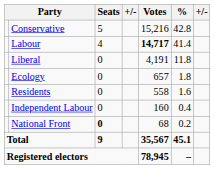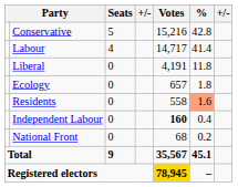 <table class="wikitable sortable">
 <tr>
 <th colspan="2">Party</th>
 <th>Seats</th>
 <th>+/-</th>
 <th>Votes</th>
 <th>%</th>
 <th>+/-</th>
 </tr>
 <tr>
 <td style="background-color: "></td>
 <td><a href='#'>Conservative</a></td>
 <td>5</td>
 <td></td>
 <td style="text-align:right;">15,216</td>
 <td style="text-align:right;">42.8</td>
 <td style="text-align:right;"></td>
 </tr>
 <tr>
 <td style="background-color: "></td>
 <td><a href='#'>Labour</a></td>
 <td>4</td>
 <td></td>
-<td style="text-align:right;"><strong>14,717</strong></td>
+<td style="text-align:right;">14,717</td>
 <td style="text-align:right;">41.4</td>
 <td style="text-align:right;"></td>
 </tr>
 <tr>
 <td style="background-color: "></td>
 <td><a href='#'>Liberal</a></td>
 <td>0</td>
 <td></td>
 <td style="text-align:right;">4,191</td>
 <td style="text-align:right;">11.8</td>
 <td style="text-align:right;"></td>
 </tr>
 <tr>
 <td style="background-color: "></td>
 <td><a href='#'>Ecology</a></td>
 <td>0</td>
 <td></td>
 <td style="text-align:right;">657</td>
 <td style="text-align:right;">1.8</td>
 <td style="text-align:right;"></td>
 </tr>
 <tr>
 <td style="background-color: "></td>
 <td><a href='#'>Residents</a></td>
 <td>0</td>
 <td></td>
 <td style="text-align:right;">558</td>
-<td style="text-align:right;">1.6</td>
+<td style="background: lightsalmon; text-align:right;">1.6</td>
 <td style="text-align:right;"></td>
 </tr>
 <tr>
 <td style="background-color: "></td>
 <td><a href='#'>Independent Labour</a></td>
 <td>0</td>
 <td></td>
-<td style="text-align:right;">160</td>
+<td style="text-align:right;"><strong>160</strong></td>
 <td style="text-align:right;">0.4</td>
 <td style="text-align:right;"></td>
 </tr>
 <tr>
 <td style="background-color: "></td>
 <td><a href='#'>National Front</a></td>
-<td><strong>0</strong></td>
+<td>0</td>
 <td></td>
 <td style="text-align:right;">68</td>
 <td style="text-align:right;">0.2</td>
 <td style="text-align:right;"></td>
 </tr>
 <tr>
 <td colspan="2"><strong>Total</strong></td>
 <td><strong>9</strong></td>
 <td></td>
 <td style="text-align:right;"><strong>35,567</strong></td>
 <td style="text-align:right;"><strong>45.1</strong></td>
 <td style="text-align:right;"></td>
 </tr>
 <tr>
 <td colspan="4"><strong>Registered electors</strong></td>
-<td style="text-align:right;"><strong>78,945</strong></td>
+<td style="background: gold; text-align:right;"><strong>78,945</strong></td>
 <td style="text-align:right;"><strong>–</strong></td>
 <td style="text-align:right;"></td>
 </tr>
 </table>
